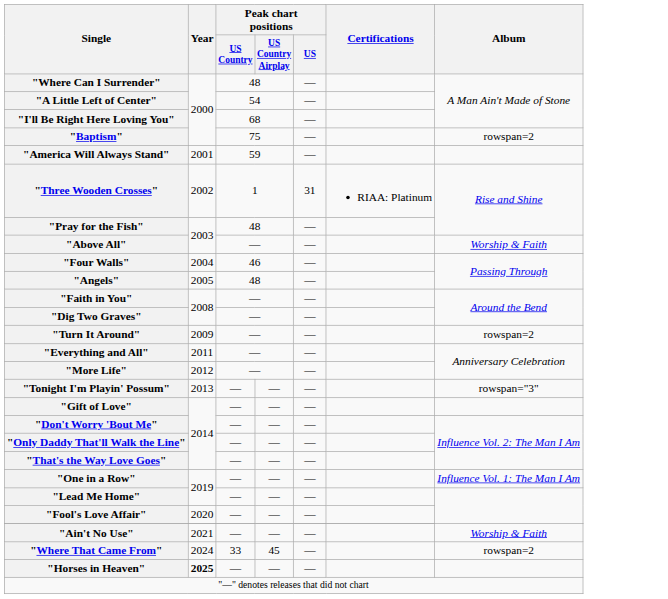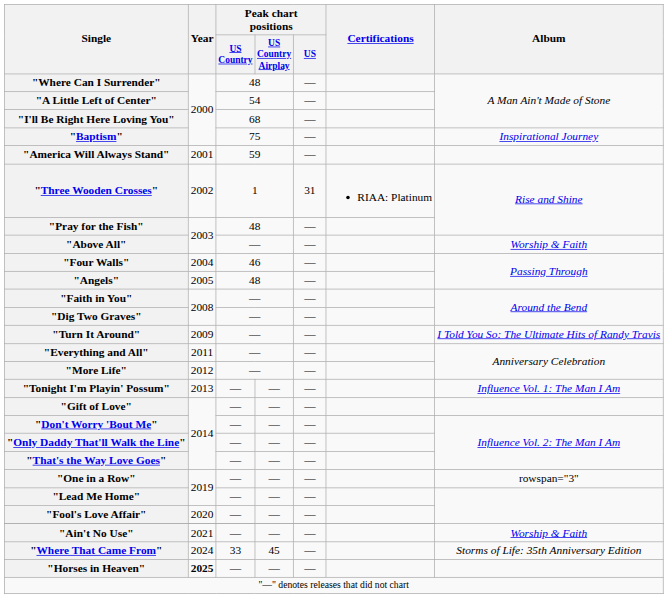 <table class="wikitable plainrowheaders" style="text-align:center;">
 <tr>
 <th rowspan="2">Single</th>
 <th rowspan="2">Year</th>
 <th colspan="3">Peak chart<br>positions</th>
 <th rowspan="2"><a href='#'>Certifications</a></th>
 <th rowspan="2">Album</th>
 </tr>
 <tr style="font-size:smaller;">
 <th width="40"><a href='#'>US Country</a><br></th>
 <th width="40"><a href='#'>US Country Airplay</a><br></th>
 <th width="40"><a href='#'>US</a><br></th>
 </tr>
 <tr>
 <th scope="row">"Where Can I Surrender"</th>
 <td rowspan="4">2000</td>
 <td colspan="2">48</td>
 <td>—</td>
 <td></td>
 <td rowspan="3"><em>A Man Ain't Made of Stone</em></td>
 </tr>
 <tr>
 <th scope="row">"A Little Left of Center"</th>
 <td colspan="2">54</td>
 <td>—</td>
 <td></td>
 </tr>
 <tr>
 <th scope="row">"I'll Be Right Here Loving You"</th>
 <td colspan="2">68</td>
 <td>—</td>
 <td></td>
 </tr>
 <tr>
 <th scope="row">"<a href='#'>Baptism</a>"</th>
 <td colspan="2">75</td>
 <td>—</td>
 <td></td>
-<td>rowspan=2 </td>
+<td><em><a href='#'>Inspirational Journey</a></em></td>
 </tr>
 <tr>
 <th scope="row">"America Will Always Stand"</th>
 <td>2001</td>
 <td colspan="2">59</td>
 <td>—</td>
 <td></td>
 <td></td>
 </tr>
 <tr>
 <th scope="row">"<a href='#'>Three Wooden Crosses</a>"</th>
 <td>2002</td>
 <td colspan="2">1</td>
 <td>31</td>
 <td><br><ul><li>RIAA: Platinum</li></ul></td>
 <td rowspan="2"><em><a href='#'>Rise and Shine</a></em></td>
 </tr>
 <tr>
 <th scope="row">"Pray for the Fish"</th>
 <td rowspan="2">2003</td>
 <td colspan="2">48</td>
 <td>—</td>
 <td></td>
 </tr>
 <tr>
 <th scope="row">"Above All"</th>
 <td colspan="2">—</td>
 <td>—</td>
 <td></td>
 <td><em><a href='#'>Worship & Faith</a></em></td>
 </tr>
 <tr>
 <th scope="row">"Four Walls"</th>
 <td>2004</td>
 <td colspan="2">46</td>
 <td>—</td>
 <td></td>
 <td rowspan="2"><em><a href='#'>Passing Through</a></em></td>
 </tr>
 <tr>
 <th scope="row">"Angels"</th>
 <td>2005</td>
 <td colspan="2">48</td>
 <td>—</td>
 <td></td>
 </tr>
 <tr>
 <th scope="row">"Faith in You"</th>
 <td rowspan="2">2008</td>
 <td colspan="2">—</td>
 <td>—</td>
 <td></td>
 <td rowspan="2"><em><a href='#'>Around the Bend</a></em></td>
 </tr>
 <tr>
 <th scope="row">"Dig Two Graves"</th>
 <td colspan="2">—</td>
 <td>—</td>
 <td></td>
 </tr>
 <tr>
 <th scope="row">"Turn It Around"</th>
 <td>2009</td>
 <td colspan="2">—</td>
 <td>—</td>
 <td></td>
-<td>rowspan=2 </td>
+<td><em><a href='#'>I Told You So: The Ultimate Hits of Randy Travis</a></em></td>
 </tr>
 <tr>
 <th scope="row">"Everything and All"<br></th>
 <td>2011</td>
 <td colspan="2">—</td>
 <td>—</td>
 <td></td>
 <td rowspan="2"><em>Anniversary Celebration</em></td>
 </tr>
 <tr>
 <th scope="row">"More Life"<br></th>
 <td>2012</td>
 <td colspan="2">—</td>
 <td>—</td>
 <td></td>
 </tr>
 <tr>
 <th scope="row">"Tonight I'm Playin' Possum"<br></th>
 <td>2013</td>
 <td>—</td>
 <td>—</td>
 <td>—</td>
 <td></td>
-<td>rowspan="3" </td>
+<td><em><a href='#'>Influence Vol. 1: The Man I Am</a></em></td>
 </tr>
 <tr>
 <th scope = "row">"Gift of Love"</th>
 <td rowspan = "4">2014</td>
 <td>—</td>
 <td>—</td>
 <td>—</td>
 <td></td>
 <td></td>
 </tr>
 <tr>
 <th scope="row">"<a href='#'>Don't Worry 'Bout Me</a>"</th>
 <td>—</td>
 <td>—</td>
 <td>—</td>
 <td></td>
 <td rowspan="3"><em><a href='#'>Influence Vol. 2: The Man I Am</a></em></td>
 </tr>
 <tr>
 <th scope="row">"<a href='#'>Only Daddy That'll Walk the Line</a>"</th>
 <td>—</td>
 <td>—</td>
 <td>—</td>
 <td></td>
 </tr>
 <tr>
 <th scope="row">"<a href='#'>That's the Way Love Goes</a>"</th>
 <td>—</td>
 <td>—</td>
 <td>—</td>
 <td></td>
 </tr>
 <tr>
 <th scope="row">"One in a Row"</th>
 <td rowspan="2">2019</td>
 <td>—</td>
 <td>—</td>
 <td>—</td>
 <td></td>
-<td><em><a href='#'>Influence Vol. 1: The Man I Am</a></em></td>
+<td>rowspan="3" </td>
 </tr>
 <tr>
 <th scope="row">"Lead Me Home"</th>
 <td>—</td>
 <td>—</td>
 <td>—</td>
 <td></td>
 </tr>
 <tr>
 <th scope="row">"Fool's Love Affair"</th>
 <td>2020</td>
 <td>—</td>
 <td>—</td>
 <td>—</td>
 <td></td>
 </tr>
 <tr>
 </tr>
 <tr>
 <th scope="row">"Ain't No Use"</th>
 <td>2021</td>
 <td>—</td>
 <td>—</td>
 <td>—</td>
 <td></td>
 <td><em><a href='#'>Worship & Faith</a></em></td>
 </tr>
 <tr>
 <th scope="row">"<a href='#'>Where That Came From</a>"</th>
 <td>2024</td>
 <td>33</td>
 <td>45</td>
 <td>—</td>
 <td></td>
-<td>rowspan=2 </td>
+<td><em>Storms of Life: 35th Anniversary Edition</em></td>
 </tr>
 <tr>
 <th scope="row">"Horses in Heaven"</th>
 <td><strong>2025</strong></td>
 <td>—</td>
 <td>—</td>
 <td>—</td>
 <td></td>
 </tr>
 <tr>
 <td colspan="11" style="font-size:85%">"—" denotes releases that did not chart</td>
 </tr>
 </table>
